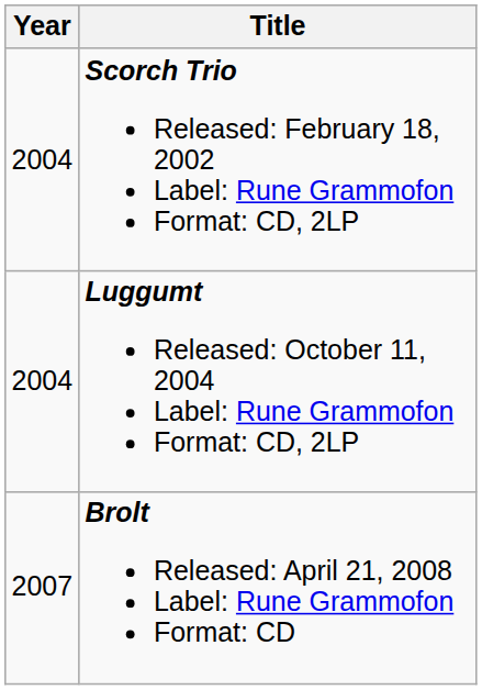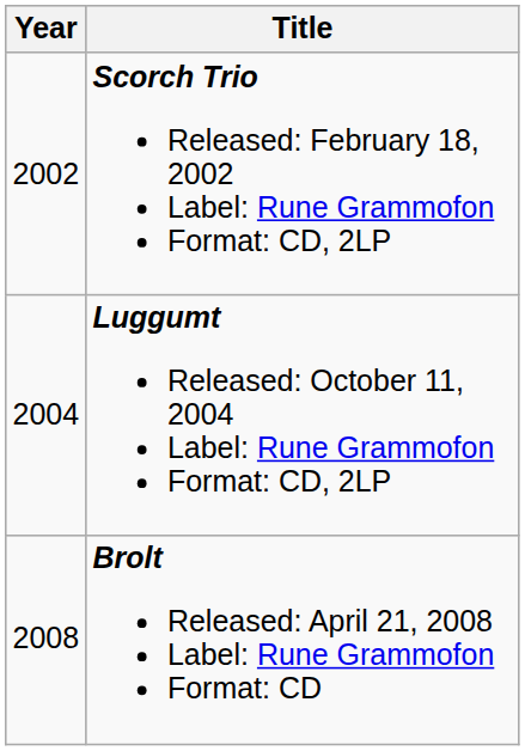 <table class="wikitable">
 <tr>
 <th>Year</th>
 <th style="width:225px;">Title</th>
 </tr>
 <tr>
-<td>2004</td>
+<td>2002</td>
 <td><strong><em>Scorch Trio</em></strong><br><ul><li>Released: February 18, 2002</li><li>Label: <a href='#'>Rune Grammofon</a> </li><li>Format: CD, 2LP</li></ul></td>
 </tr>
 <tr>
 <td>2004</td>
 <td><strong><em>Luggumt</em></strong><br><ul><li>Released: October 11, 2004</li><li>Label: <a href='#'>Rune Grammofon</a> </li><li>Format: CD, 2LP</li></ul></td>
 </tr>
 <tr>
-<td>2007</td>
+<td>2008</td>
 <td><strong><em>Brolt</em></strong><br><ul><li>Released: April 21, 2008</li><li>Label: <a href='#'>Rune Grammofon</a> </li><li>Format: CD</li></ul></td>
 </tr>
 </table>
